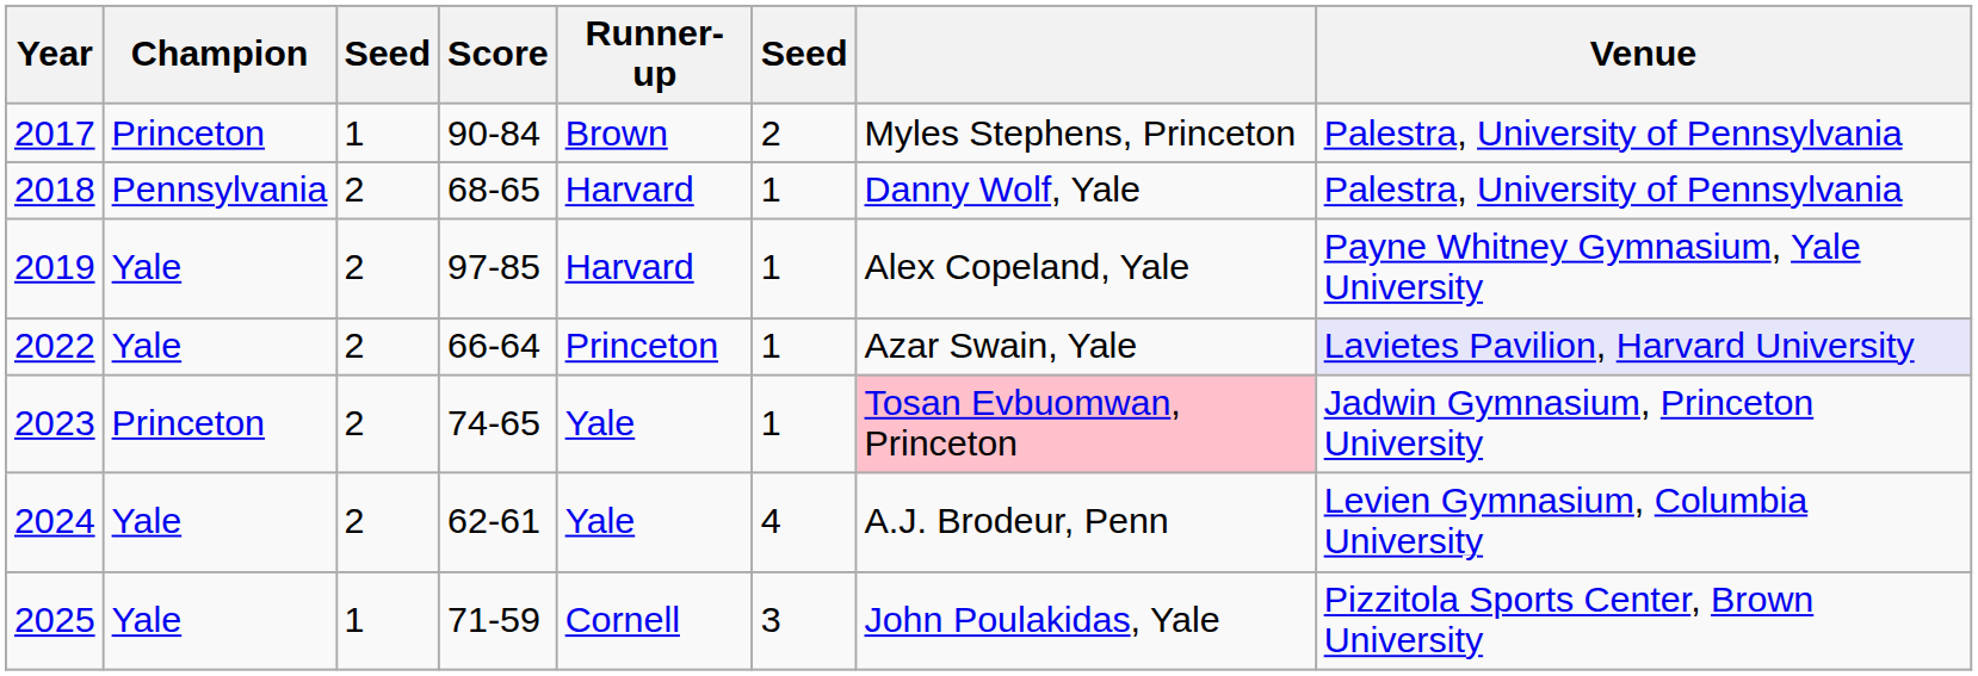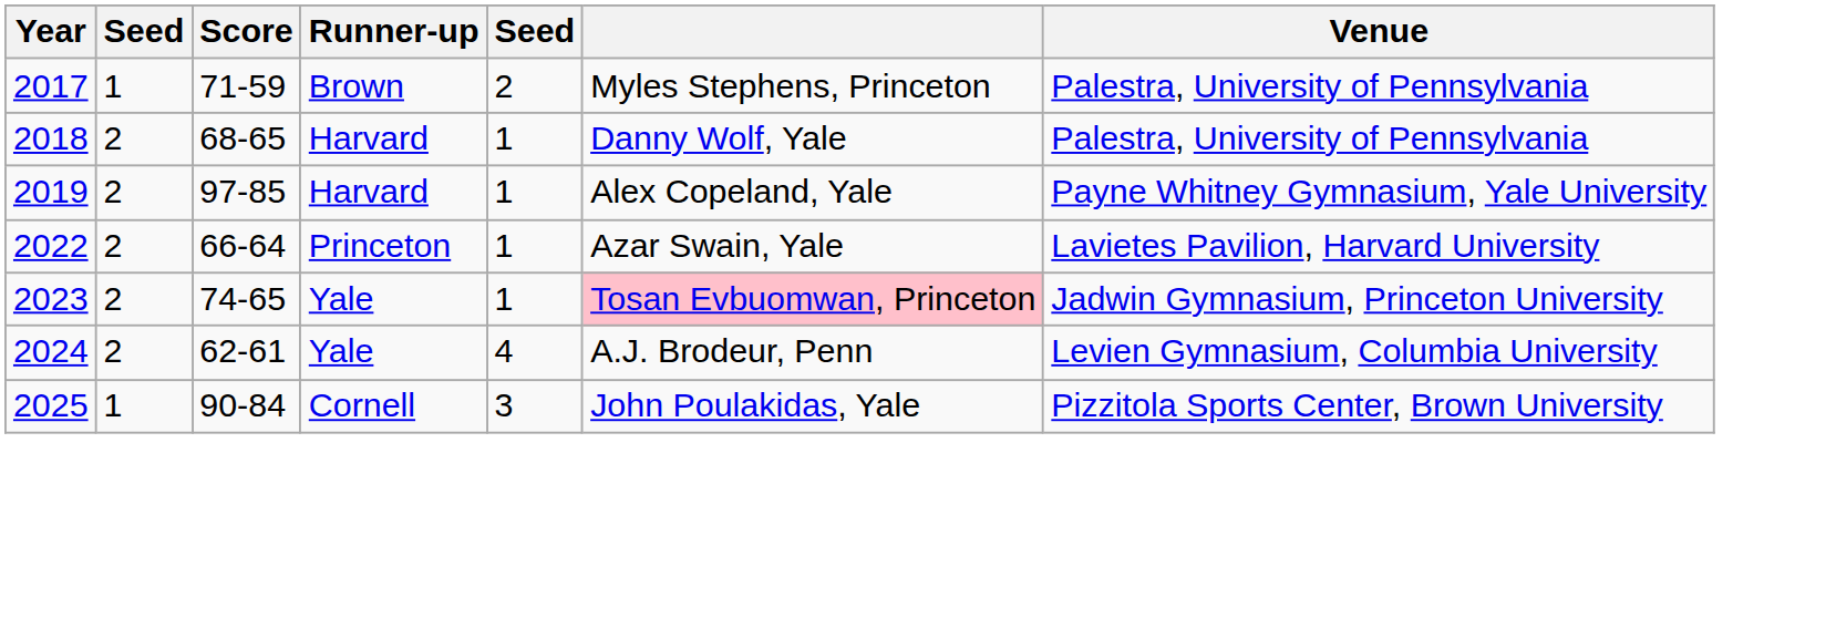 <table class="wikitable sortable">
 <tr>
 <th width=px>Year</th>
-<th width=px>Champion</th>
 <th width=px>Seed</th>
 <th width=px>Score</th>
 <th width=px>Runner-up</th>
 <th width=px>Seed</th>
 <th width=px></th>
 <th width=px>Venue</th>
 </tr>
 <tr>
 <td><a href='#'>2017</a></td>
-<td><a href='#'>Princeton</a></td>
 <td>1</td>
-<td>90-84</td>
+<td>71-59</td>
 <td><a href='#'>Brown</a></td>
 <td>2</td>
 <td>Myles Stephens, Princeton</td>
 <td><a href='#'>Palestra</a>, <a href='#'>University of Pennsylvania</a></td>
 </tr>
 <tr>
 <td><a href='#'>2018</a></td>
-<td><a href='#'>Pennsylvania</a></td>
 <td>2</td>
 <td>68-65</td>
 <td><a href='#'>Harvard</a></td>
 <td 1>1</td>
 <td><a href='#'>Danny Wolf</a>, Yale</td>
 <td><a href='#'>Palestra</a>, <a href='#'>University of Pennsylvania</a></td>
 </tr>
 <tr>
 <td><a href='#'>2019</a></td>
-<td><a href='#'>Yale</a></td>
 <td>2</td>
 <td>97-85</td>
 <td><a href='#'>Harvard</a></td>
 <td>1</td>
 <td>Alex Copeland, Yale</td>
 <td><a href='#'>Payne Whitney Gymnasium</a>, <a href='#'>Yale University</a></td>
 </tr>
 <tr>
 <td><a href='#'>2022</a></td>
-<td><a href='#'>Yale</a></td>
 <td>2</td>
 <td>66-64</td>
 <td><a href='#'>Princeton</a></td>
 <td>1</td>
 <td>Azar Swain, Yale</td>
-<td style="background: lavender;"><a href='#'>Lavietes Pavilion</a>, <a href='#'>Harvard University</a></td>
+<td><a href='#'>Lavietes Pavilion</a>, <a href='#'>Harvard University</a></td>
 </tr>
 <tr>
 <td><a href='#'>2023</a></td>
-<td><a href='#'>Princeton</a></td>
 <td>2</td>
 <td>74-65</td>
 <td><a href='#'>Yale</a></td>
 <td>1</td>
 <td style="background: pink;"><a href='#'>Tosan Evbuomwan</a>, Princeton</td>
 <td><a href='#'>Jadwin Gymnasium</a>, <a href='#'>Princeton University</a></td>
 </tr>
 <tr>
 <td><a href='#'>2024</a></td>
-<td><a href='#'>Yale</a></td>
 <td>2</td>
 <td>62-61</td>
 <td><a href='#'>Yale</a></td>
 <td>4</td>
 <td>A.J. Brodeur, Penn</td>
 <td><a href='#'>Levien Gymnasium</a>, <a href='#'>Columbia University</a></td>
 </tr>
 <tr>
 <td><a href='#'>2025</a></td>
-<td><a href='#'>Yale</a></td>
 <td>1</td>
-<td>71-59</td>
+<td>90-84</td>
 <td><a href='#'>Cornell</a></td>
 <td>3</td>
 <td><a href='#'>John Poulakidas</a>, Yale</td>
 <td><a href='#'>Pizzitola Sports Center</a>, <a href='#'>Brown University</a></td>
 </tr>
 </table>
